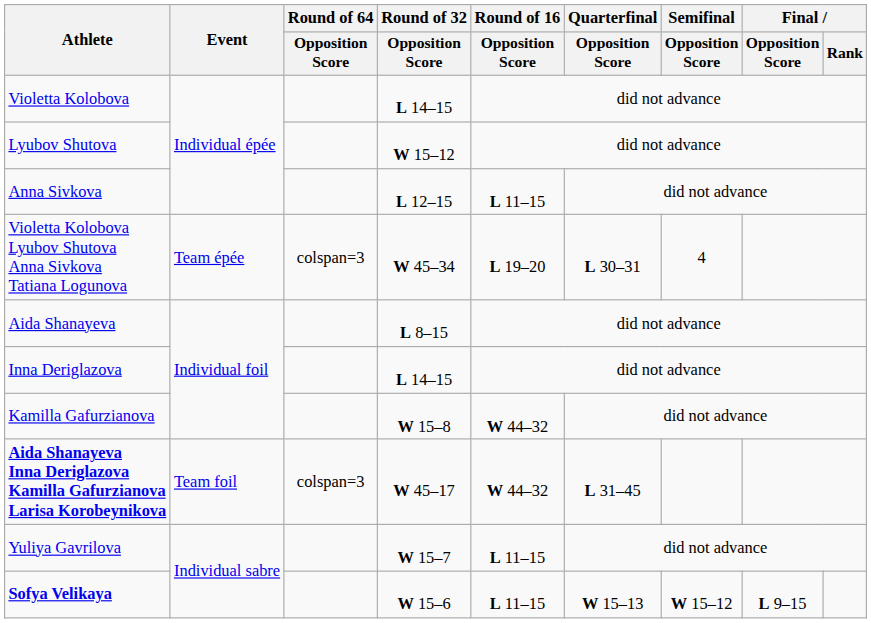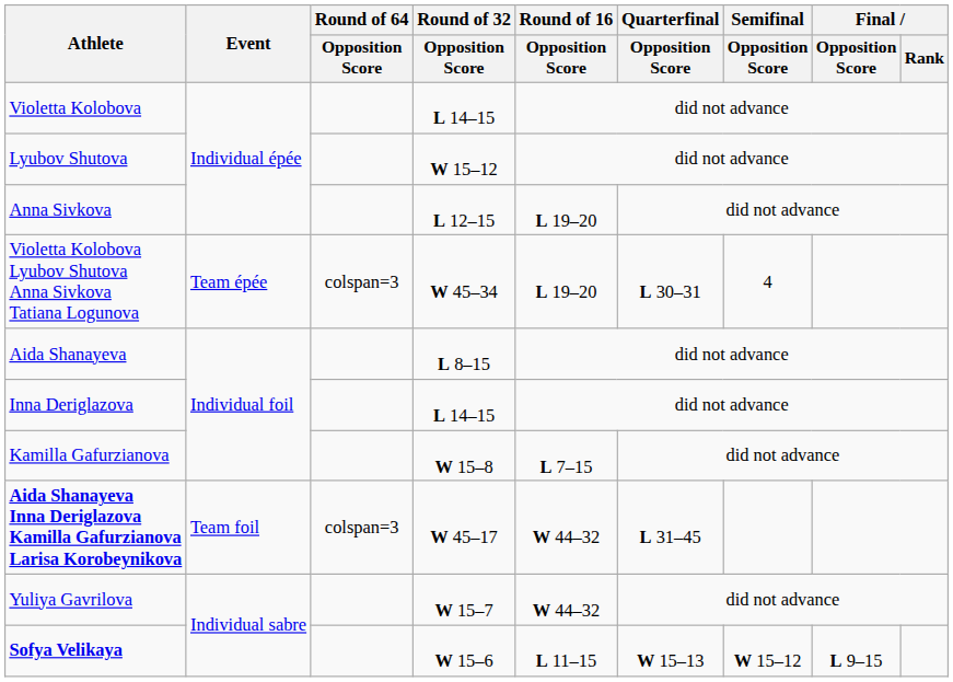 <table class="wikitable" style="font-size:90%">
 <tr>
 <th rowspan="2">Athlete</th>
 <th rowspan="2">Event</th>
 <th>Round of 64</th>
 <th>Round of 32</th>
 <th>Round of 16</th>
 <th>Quarterfinal</th>
 <th>Semifinal</th>
 <th colspan=2>Final / </th>
 </tr>
 <tr style="font-size:95%">
 <th>Opposition <br> Score</th>
 <th>Opposition <br> Score</th>
 <th>Opposition <br> Score</th>
 <th>Opposition <br> Score</th>
 <th>Opposition <br> Score</th>
 <th>Opposition <br> Score</th>
 <th>Rank</th>
 </tr>
 <tr align=center>
 <td align=left><a href='#'>Violetta Kolobova</a></td>
 <td align=left rowspan=3><a href='#'>Individual épée</a></td>
 <td></td>
 <td><br><strong>L</strong> 14–15</td>
 <td colspan=5>did not advance</td>
 </tr>
 <tr align=center>
 <td align=left><a href='#'>Lyubov Shutova</a></td>
 <td></td>
 <td><br><strong>W</strong> 15–12</td>
 <td colspan=5>did not advance</td>
 </tr>
 <tr align=center>
 <td align=left><a href='#'>Anna Sivkova</a></td>
 <td></td>
 <td><br><strong>L</strong> 12–15</td>
-<td><br><strong>L</strong> 11–15</td>
+<td><br><strong>L</strong> 19–20</td>
 <td colspan=4>did not advance</td>
 </tr>
 <tr align=center>
 <td align=left><a href='#'>Violetta Kolobova</a><br><a href='#'>Lyubov Shutova</a><br><a href='#'>Anna Sivkova</a><br><a href='#'>Tatiana Logunova</a></td>
 <td align=left><a href='#'>Team épée</a></td>
 <td>colspan=3 </td>
 <td><br><strong>W</strong> 45–34</td>
 <td><br><strong>L</strong> 19–20</td>
 <td><br><strong>L</strong> 30–31</td>
 <td>4</td>
 </tr>
 <tr align=center>
 <td align=left><a href='#'>Aida Shanayeva</a></td>
 <td align=left rowspan=3><a href='#'>Individual foil</a></td>
 <td></td>
 <td><br><strong>L</strong> 8–15</td>
 <td colspan=5>did not advance</td>
 </tr>
 <tr align=center>
 <td align=left><a href='#'>Inna Deriglazova</a></td>
 <td></td>
 <td><br><strong>L</strong> 14–15</td>
 <td colspan=5>did not advance</td>
 </tr>
 <tr align=center>
 <td align=left><a href='#'>Kamilla Gafurzianova</a></td>
 <td></td>
 <td><br><strong>W</strong> 15–8</td>
-<td><br><strong>W</strong> 44–32</td>
+<td><br><strong>L</strong> 7–15</td>
 <td colspan=4>did not advance</td>
 </tr>
 <tr align=center>
 <td align=left><strong><a href='#'>Aida Shanayeva</a><br><a href='#'>Inna Deriglazova</a><br><a href='#'>Kamilla Gafurzianova</a><br><a href='#'>Larisa Korobeynikova</a></strong></td>
 <td align=left><a href='#'>Team foil</a></td>
 <td>colspan=3 </td>
 <td><br><strong>W</strong> 45–17</td>
 <td><br><strong>W</strong> 44–32</td>
 <td><br><strong>L</strong> 31–45</td>
 <td></td>
 </tr>
 <tr align=center>
 <td align=left><a href='#'>Yuliya Gavrilova</a></td>
 <td align=left rowspan=2><a href='#'>Individual sabre</a></td>
 <td></td>
 <td><br><strong>W</strong> 15–7</td>
-<td><br><strong>L</strong> 11–15</td>
+<td><br><strong>W</strong> 44–32</td>
 <td colspan=4>did not advance</td>
 </tr>
 <tr align=center>
 <td align=left><strong><a href='#'>Sofya Velikaya</a></strong></td>
 <td></td>
 <td><br><strong>W</strong> 15–6</td>
 <td><br><strong>L</strong> 11–15</td>
 <td><br><strong>W</strong> 15–13</td>
 <td><br><strong>W</strong> 15–12</td>
 <td><br><strong>L</strong> 9–15</td>
 <td></td>
 </tr>
 </table>
